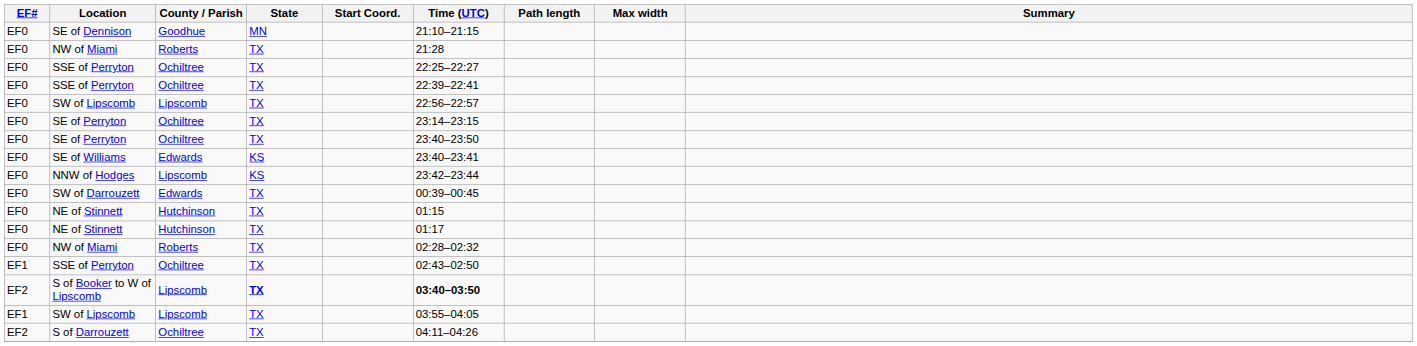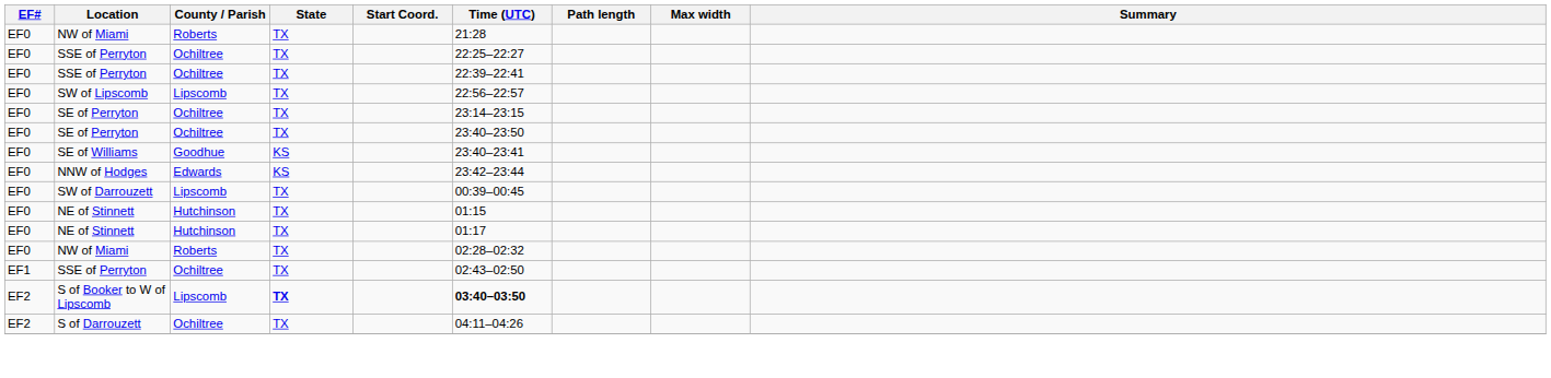 <table class="wikitable sortable" style="width:100%;">
 <tr>
 <th scope="col"  style="width:3%; text-align:center;"><a href='#'>EF#</a></th>
 <th scope="col"  style="width:7%; text-align:center;" class="unsortable">Location</th>
 <th scope="col"  style="width:6%; text-align:center;" class="unsortable">County / Parish</th>
 <th scope="col"  style="width:5%; text-align:center;">State</th>
 <th scope="col"  style="width:6%; text-align:center;">Start Coord.</th>
 <th scope="col"  style="width:6%; text-align:center;">Time (<a href='#'>UTC</a>)</th>
 <th scope="col"  style="width:6%; text-align:center;">Path length</th>
 <th scope="col"  style="width:6%; text-align:center;">Max width</th>
 <th scope="col" class="unsortable" style="width:48%; text-align:center;">Summary</th>
-</tr>
-<tr>
-<td>EF0</td>
-<td>SE of <a href='#'>Dennison</a></td>
-<td><a href='#'>Goodhue</a></td>
-<td><a href='#'>MN</a></td>
-<td></td>
-<td>21:10–21:15</td>
-<td></td>
-<td></td>
-<td></td>
 </tr>
 <tr>
 <td>EF0</td>
 <td>NW of <a href='#'>Miami</a></td>
 <td><a href='#'>Roberts</a></td>
 <td><a href='#'>TX</a></td>
 <td></td>
 <td>21:28</td>
 <td></td>
 <td></td>
 <td></td>
 </tr>
 <tr>
 <td>EF0</td>
 <td>SSE of <a href='#'>Perryton</a></td>
 <td><a href='#'>Ochiltree</a></td>
 <td><a href='#'>TX</a></td>
 <td></td>
 <td>22:25–22:27</td>
 <td></td>
 <td></td>
 <td></td>
 </tr>
 <tr>
 <td>EF0</td>
 <td>SSE of <a href='#'>Perryton</a></td>
 <td><a href='#'>Ochiltree</a></td>
 <td><a href='#'>TX</a></td>
 <td></td>
 <td>22:39–22:41</td>
 <td></td>
 <td></td>
 <td></td>
 </tr>
 <tr>
 <td>EF0</td>
 <td>SW of <a href='#'>Lipscomb</a></td>
 <td><a href='#'>Lipscomb</a></td>
 <td><a href='#'>TX</a></td>
 <td></td>
 <td>22:56–22:57</td>
 <td></td>
 <td></td>
 <td></td>
 </tr>
 <tr>
 <td>EF0</td>
 <td>SE of <a href='#'>Perryton</a></td>
 <td><a href='#'>Ochiltree</a></td>
 <td><a href='#'>TX</a></td>
 <td></td>
 <td>23:14–23:15</td>
 <td></td>
 <td></td>
 <td></td>
 </tr>
 <tr>
 <td>EF0</td>
 <td>SE of <a href='#'>Perryton</a></td>
 <td><a href='#'>Ochiltree</a></td>
 <td><a href='#'>TX</a></td>
 <td></td>
 <td>23:40–23:50</td>
 <td></td>
 <td></td>
 <td></td>
 </tr>
 <tr>
 <td>EF0</td>
 <td>SE of <a href='#'>Williams</a></td>
-<td><a href='#'>Edwards</a></td>
+<td><a href='#'>Goodhue</a></td>
 <td><a href='#'>KS</a></td>
 <td></td>
 <td>23:40–23:41</td>
 <td></td>
 <td></td>
 <td></td>
 </tr>
 <tr>
 <td>EF0</td>
 <td>NNW of <a href='#'>Hodges</a></td>
-<td><a href='#'>Lipscomb</a></td>
+<td><a href='#'>Edwards</a></td>
 <td><a href='#'>KS</a></td>
 <td></td>
 <td>23:42–23:44</td>
 <td></td>
 <td></td>
 <td></td>
 </tr>
 <tr>
 <td>EF0</td>
 <td>SW of <a href='#'>Darrouzett</a></td>
-<td><a href='#'>Edwards</a></td>
+<td><a href='#'>Lipscomb</a></td>
 <td><a href='#'>TX</a></td>
 <td></td>
 <td>00:39–00:45</td>
 <td></td>
 <td></td>
 <td></td>
 </tr>
 <tr>
 <td>EF0</td>
 <td>NE of <a href='#'>Stinnett</a></td>
 <td><a href='#'>Hutchinson</a></td>
 <td><a href='#'>TX</a></td>
 <td></td>
 <td>01:15</td>
 <td></td>
 <td></td>
 <td></td>
 </tr>
 <tr>
 <td>EF0</td>
 <td>NE of <a href='#'>Stinnett</a></td>
 <td><a href='#'>Hutchinson</a></td>
 <td><a href='#'>TX</a></td>
 <td></td>
 <td>01:17</td>
 <td></td>
 <td></td>
 <td></td>
 </tr>
 <tr>
 <td>EF0</td>
 <td>NW of <a href='#'>Miami</a></td>
 <td><a href='#'>Roberts</a></td>
 <td><a href='#'>TX</a></td>
 <td></td>
 <td>02:28–02:32</td>
 <td></td>
 <td></td>
 <td></td>
 </tr>
 <tr>
 <td>EF1</td>
 <td>SSE of <a href='#'>Perryton</a></td>
 <td><a href='#'>Ochiltree</a></td>
 <td><a href='#'>TX</a></td>
 <td></td>
 <td>02:43–02:50</td>
 <td></td>
 <td></td>
 <td></td>
 </tr>
 <tr>
 <td>EF2</td>
 <td>S of <a href='#'>Booker</a> to W of <a href='#'>Lipscomb</a></td>
 <td><a href='#'>Lipscomb</a></td>
 <td><strong><a href='#'>TX</a></strong></td>
 <td></td>
 <td><strong>03:40–03:50</strong></td>
 <td></td>
 <td></td>
 <td></td>
 </tr>
 <tr>
-<td>EF1</td>
-<td>SW of <a href='#'>Lipscomb</a></td>
-<td><a href='#'>Lipscomb</a></td>
-<td><a href='#'>TX</a></td>
-<td></td>
-<td>03:55–04:05</td>
-<td></td>
-<td></td>
-<td></td>
-</tr>
-<tr>
 <td>EF2</td>
 <td>S of <a href='#'>Darrouzett</a></td>
 <td><a href='#'>Ochiltree</a></td>
 <td><a href='#'>TX</a></td>
 <td></td>
 <td>04:11–04:26</td>
 <td></td>
 <td></td>
 <td></td>
 </tr>
 <tr>
 </tr>
 </table>
